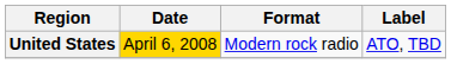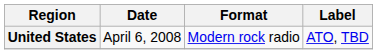 <table class="wikitable plainrowheaders">
 <tr>
 <th scope="col">Region</th>
 <th scope="col">Date</th>
 <th scope="col">Format</th>
 <th scope="col">Label</th>
 </tr>
 <tr>
 <th scope="row">United States</th>
-<td style="background: gold;">April 6, 2008</td>
+<td>April 6, 2008</td>
 <td><a href='#'>Modern rock</a> radio</td>
 <td><a href='#'>ATO</a>, <a href='#'>TBD</a></td>
 </tr>
 <tr>
 </tr>
 </table>
